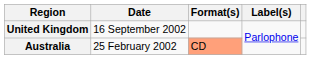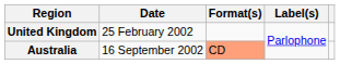 <table class="wikitable plainrowheaders">
 <tr>
 <th scope="col">Region</th>
 <th scope="col">Date</th>
 <th scope="col">Format(s)</th>
 <th scope="col">Label(s)</th>
 <th scope="col"></th>
 </tr>
 <tr>
 <th scope="row">United Kingdom</th>
-<td>16 September 2002</td>
+<td>25 February 2002</td>
 <td></td>
 <td rowspan="2"><a href='#'>Parlophone</a></td>
 <td></td>
 </tr>
 <tr>
 <th scope="row">Australia</th>
-<td>25 February 2002</td>
+<td>16 September 2002</td>
 <td style="background: lightsalmon;">CD</td>
 <td></td>
 </tr>
 </table>
